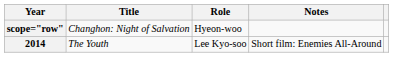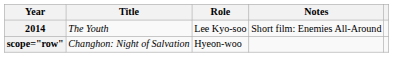 <table class="wikitable  plainrowheaders">
 <tr>
 <th scope="col">Year</th>
 <th scope="col">Title</th>
 <th scope="col">Role</th>
 <th scope="col">Notes</th>
 <th scope="col" class="unsortable"></th>
 </tr>
 <tr>
+<th scope="row">2014</th>
+<td><em>The Youth</em></td>
+<td>Lee Kyo-soo</td>
+<td>Short film: Enemies All-Around</td>
+<td></td>
+</tr>
+<tr>
 <th>scope="row" </th>
 <td><em>Changhon: Night of Salvation</em></td>
 <td>Hyeon-woo</td>
 <td></td>
 <td></td>
 </tr>
-<tr>
-<th scope="row">2014</th>
-<td><em>The Youth</em></td>
-<td>Lee Kyo-soo</td>
-<td>Short film: Enemies All-Around</td>
-<td></td>
-</tr>
 </table>
